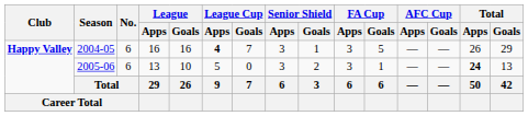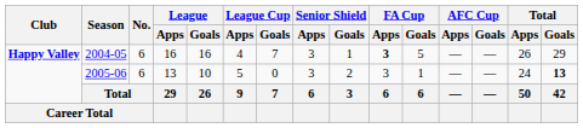 <table class="wikitable" style="text-align: center;">
 <tr>
 <th rowspan="2">Club</th>
 <th rowspan="2">Season</th>
 <th rowspan="2">No.</th>
 <th colspan="2"><a href='#'>League</a></th>
 <th colspan="2"><a href='#'>League Cup</a></th>
 <th colspan="2"><a href='#'>Senior Shield</a></th>
 <th colspan="2"><a href='#'>FA Cup</a></th>
 <th colspan="2"><a href='#'>AFC Cup</a></th>
 <th colspan="2">Total</th>
 </tr>
 <tr>
 <th>Apps</th>
 <th>Goals</th>
 <th>Apps</th>
 <th>Goals</th>
 <th>Apps</th>
 <th>Goals</th>
 <th>Apps</th>
 <th>Goals</th>
 <th>Apps</th>
 <th>Goals</th>
 <th>Apps</th>
 <th>Goals</th>
 </tr>
 <tr>
 <td rowspan="3" valign="top"><strong><a href='#'>Happy Valley</a></strong></td>
 <td><a href='#'>2004-05</a></td>
 <td>6</td>
 <td>16</td>
 <td>16</td>
-<td><strong>4</strong></td>
+<td>4</td>
 <td>7</td>
 <td>3</td>
 <td>1</td>
-<td>3</td>
+<td><strong>3</strong></td>
 <td>5</td>
 <td>—</td>
 <td>—</td>
 <td>26</td>
 <td>29</td>
 </tr>
 <tr>
 <td><a href='#'>2005-06</a></td>
 <td>6</td>
 <td>13</td>
 <td>10</td>
 <td>5</td>
 <td>0</td>
 <td>3</td>
 <td>2</td>
 <td>3</td>
 <td>1</td>
 <td>—</td>
 <td>—</td>
-<td><strong>24</strong></td>
-<td>13</td>
+<td>24</td>
+<td><strong>13</strong></td>
 </tr>
 <tr>
 <th colspan="2">Total</th>
 <th>29</th>
 <th>26</th>
 <th>9</th>
 <th>7</th>
 <th>6</th>
 <th>3</th>
 <th>6</th>
 <th>6</th>
 <th>—</th>
 <th>—</th>
 <th>50</th>
 <th>42</th>
 </tr>
 <tr>
 <th colspan="3">Career Total</th>
 <th></th>
 <th></th>
 <th></th>
 <th></th>
 <th></th>
 <th></th>
 <th></th>
 <th></th>
 <th></th>
 <th></th>
 <th></th>
 <th></th>
 </tr>
 </table>
